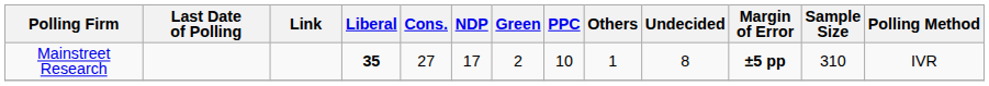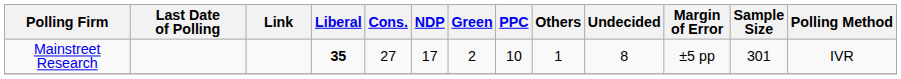 <table class="wikitable sortable" style="text-align:center;font-size:90%;line-height:14px;">
 <tr style="background:#e9e9e9;">
 <th style="width:120px">Polling Firm</th>
 <th style="width:110px">Last Date<br>of Polling</th>
 <th style="width:60px" class="unsortable">Link</th>
 <th style="background-color:"><a href='#'>Liberal</a></th>
 <th style="background-color:"><a href='#'>Cons.</a></th>
 <th style="background-color:"><a href='#'>NDP</a></th>
 <th style="background-color:"><a href='#'>Green</a></th>
 <th style="background-color:"><a href='#'><span>PPC</span></a></th>
 <th style="background-color:">Others</th>
 <th style="background-color:">Undecided</th>
 <th style="width:60px;" class=unsortable>Margin<br>of Error</th>
 <th style="width:50px;" class=unsortable>Sample<br>Size</th>
 <th class=unsortable>Polling Method</th>
 </tr>
 <tr>
 <td><a href='#'>Mainstreet Research</a></td>
 <td></td>
 <td></td>
 <td><strong>35</strong></td>
 <td>27</td>
 <td>17</td>
 <td>2</td>
 <td>10</td>
 <td>1</td>
 <td>8</td>
-<td><strong>±5 pp</strong></td>
-<td>310</td>
+<td>±5 pp</td>
+<td>301</td>
 <td>IVR</td>
 </tr>
 <tr>
 </tr>
 </table>
